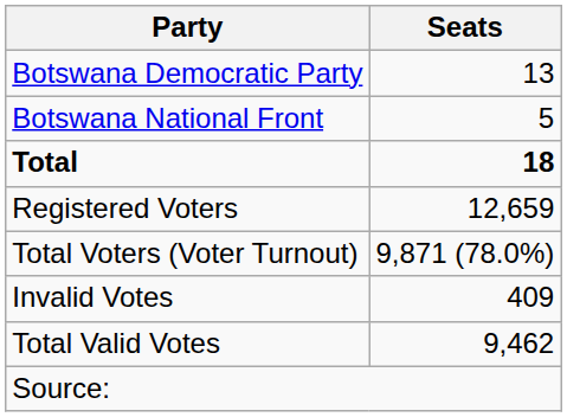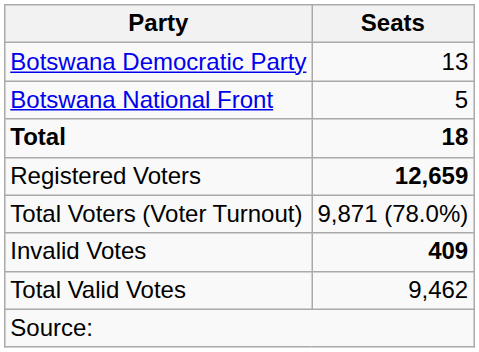 <table class=wikitable style=text-align:right>
 <tr>
 <th>Party</th>
 <th>Seats</th>
 </tr>
 <tr>
 <td align=left><a href='#'>Botswana Democratic Party</a></td>
 <td>13</td>
 </tr>
 <tr>
 <td align=left><a href='#'>Botswana National Front</a></td>
 <td>5</td>
 </tr>
 <tr>
 <td align=left><strong>Total</strong></td>
 <td><strong>18</strong></td>
 </tr>
 <tr>
 <td align=left>Registered Voters</td>
-<td>12,659</td>
+<td><strong>12,659</strong></td>
 </tr>
 <tr>
 <td align=left>Total Voters (Voter Turnout)</td>
 <td>9,871 (78.0%)</td>
 </tr>
 <tr>
 <td align=left>Invalid Votes</td>
-<td>409</td>
+<td><strong>409</strong></td>
 </tr>
 <tr>
 <td align=left>Total Valid Votes</td>
 <td>9,462</td>
 </tr>
 <tr>
 <td colspan=4 align=left>Source: </td>
 </tr>
 </table>
